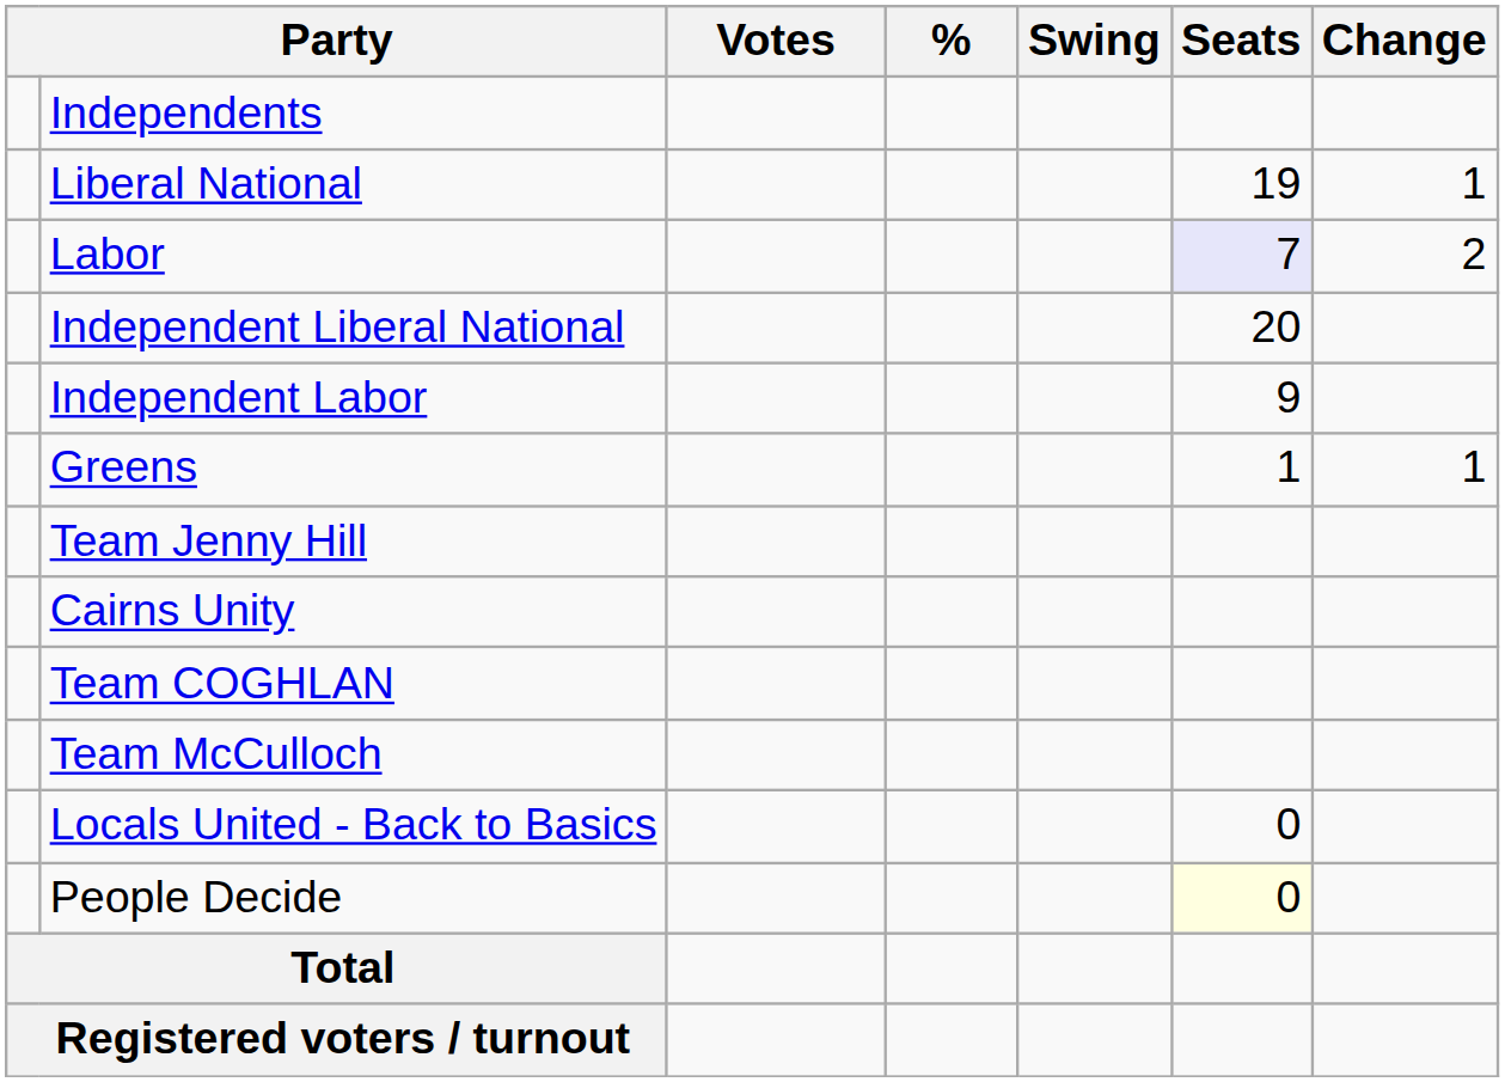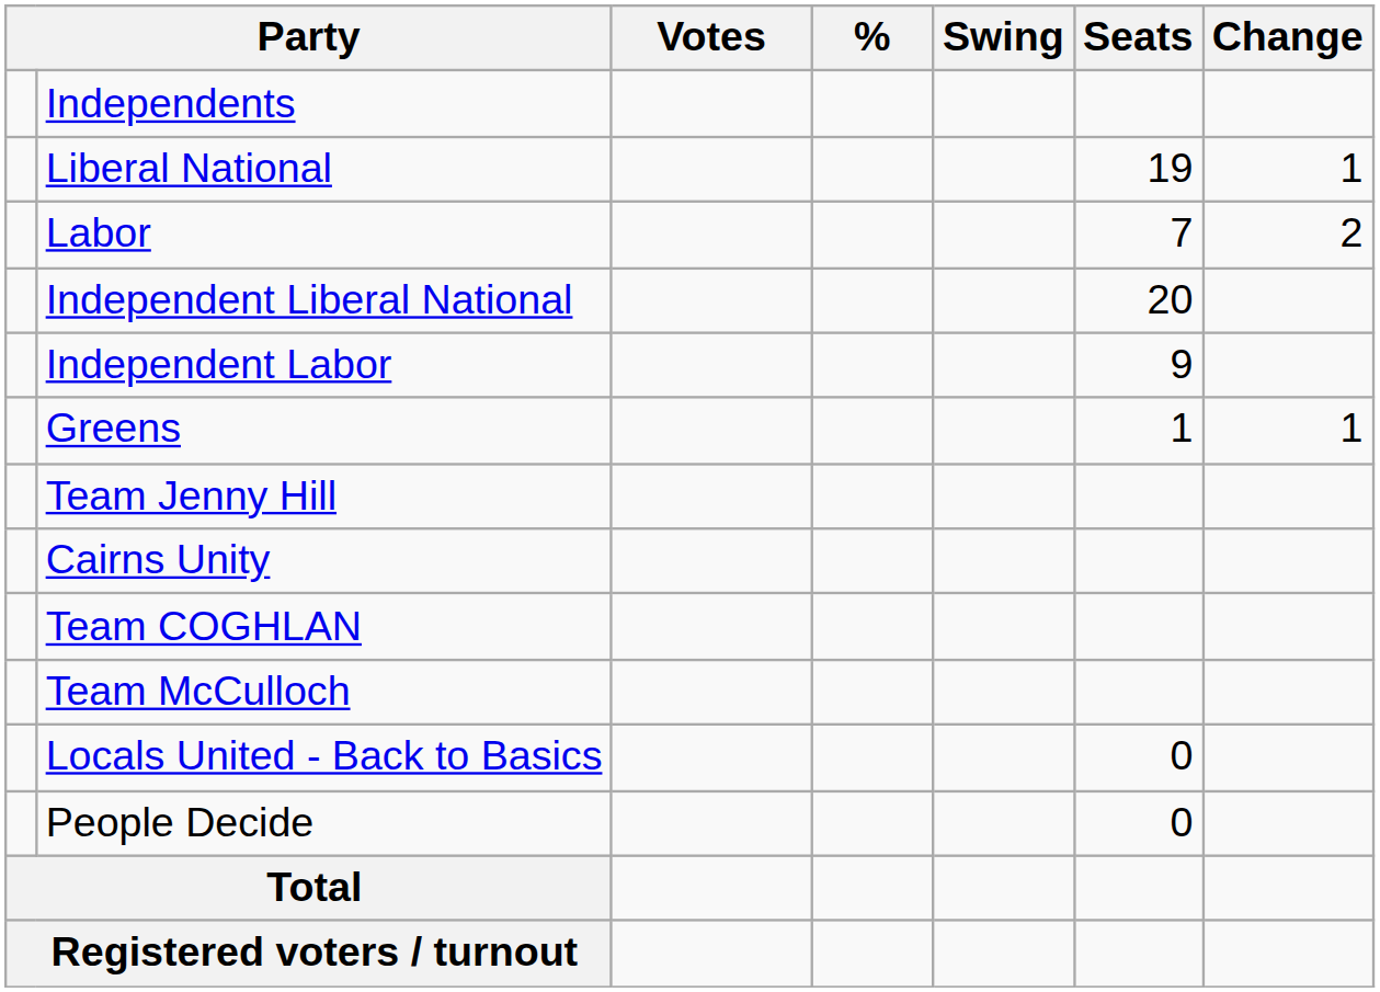 <table class="wikitable" style="text-align:right; margin-bottom:0">
 <tr>
 <th colspan="2" style="width:10px;">Party</th>
 <th style="width:70px;">Votes</th>
 <th style="width:40px;">%</th>
 <th style="width:40px;">Swing</th>
 <th style="width:40px;">Seats</th>
 <th style="width:40px;">Change</th>
 </tr>
 <tr>
 <td> </td>
 <td style="text-align:left;"><a href='#'>Independents</a></td>
 <td></td>
 <td></td>
 <td></td>
 <td></td>
 <td></td>
 </tr>
 <tr>
 <td> </td>
 <td style="text-align:left;"><a href='#'>Liberal National</a></td>
 <td></td>
 <td></td>
 <td></td>
 <td>19</td>
 <td> 1</td>
 </tr>
 <tr>
 <td> </td>
 <td style="text-align:left;"><a href='#'>Labor</a></td>
 <td></td>
 <td></td>
 <td></td>
-<td style="background: lavender;">7</td>
+<td>7</td>
 <td> 2</td>
 </tr>
 <tr>
 <td> </td>
 <td style="text-align:left;"><a href='#'>Independent Liberal National</a></td>
 <td></td>
 <td></td>
 <td></td>
 <td>20</td>
 <td></td>
 </tr>
 <tr>
 <td> </td>
 <td style="text-align:left;"><a href='#'>Independent Labor</a></td>
 <td></td>
 <td></td>
 <td></td>
 <td>9</td>
 <td></td>
 </tr>
 <tr>
 <td> </td>
 <td style="text-align:left;"><a href='#'>Greens</a></td>
 <td></td>
 <td></td>
 <td></td>
 <td>1</td>
 <td> 1</td>
 </tr>
 <tr>
 <td> </td>
 <td style="text-align:left;"><a href='#'>Team Jenny Hill</a></td>
 <td></td>
 <td></td>
 <td></td>
 <td></td>
 <td></td>
 </tr>
 <tr>
 <td> </td>
 <td style="text-align:left;"><a href='#'>Cairns Unity</a></td>
 <td></td>
 <td></td>
 <td></td>
 <td></td>
 <td></td>
 </tr>
 <tr>
 <td> </td>
 <td style="text-align:left;"><a href='#'>Team COGHLAN</a></td>
 <td></td>
 <td></td>
 <td></td>
 <td></td>
 <td></td>
 </tr>
 <tr>
 <td> </td>
 <td style="text-align:left;"><a href='#'>Team McCulloch</a></td>
 <td></td>
 <td></td>
 <td></td>
 <td></td>
 <td></td>
 </tr>
 <tr>
 <td> </td>
 <td style="text-align:left;"><a href='#'>Locals United - Back to Basics</a></td>
 <td></td>
 <td></td>
 <td></td>
 <td>0</td>
 <td></td>
 </tr>
 <tr>
 <td> </td>
 <td style="text-align:left;">People Decide</td>
 <td></td>
 <td></td>
 <td></td>
-<td style="background: lightyellow;">0</td>
+<td>0</td>
 <td></td>
 </tr>
 <tr>
 <th colspan="2"> Total</th>
 <td></td>
 <td></td>
 <td></td>
 <td></td>
 <td></td>
 </tr>
 <tr>
 <th colspan="2"> Registered voters / turnout</th>
 <td></td>
 <td></td>
 <td></td>
 <td></td>
 <td></td>
 </tr>
 </table>
